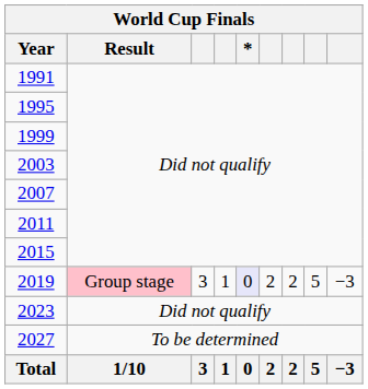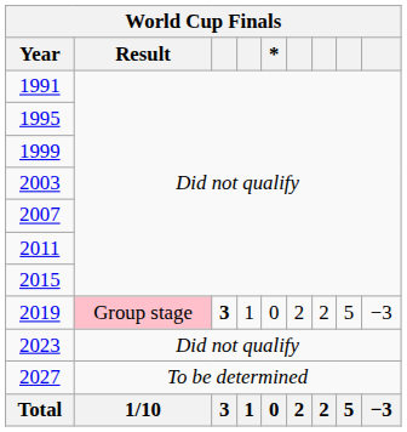 <table class="wikitable" style="text-align: center; width:50%;">
 <tr>
 <th colspan=10>World Cup Finals</th>
 </tr>
 <tr>
 <th>Year</th>
 <th>Result</th>
 <th></th>
 <th></th>
 <th>*</th>
 <th></th>
 <th></th>
 <th></th>
 <th></th>
 </tr>
 <tr>
 <td> <a href='#'>1991</a></td>
 <td rowspan=7 colspan=8><em>Did not qualify</em></td>
 </tr>
 <tr>
 <td> <a href='#'>1995</a></td>
 </tr>
 <tr>
 <td> <a href='#'>1999</a></td>
 </tr>
 <tr>
 <td> <a href='#'>2003</a></td>
 </tr>
 <tr>
 <td> <a href='#'>2007</a></td>
 </tr>
 <tr>
 <td> <a href='#'>2011</a></td>
 </tr>
 <tr>
 <td> <a href='#'>2015</a></td>
 </tr>
 <tr>
 <td> <a href='#'>2019</a></td>
 <td style="background: pink;">Group stage</td>
-<td>3</td>
+<td><strong>3</strong></td>
 <td>1</td>
-<td style="background: lavender;">0</td>
+<td>0</td>
 <td>2</td>
 <td>2</td>
 <td>5</td>
 <td>−3</td>
 </tr>
 <tr>
 <td>  <a href='#'>2023</a></td>
 <td colspan=8><em>Did not qualify</em></td>
 </tr>
 <tr>
 <td> <a href='#'>2027</a></td>
 <td colspan=8><em>To be determined</em></td>
 </tr>
 <tr>
 <th><strong>Total</strong></th>
 <th>1/10</th>
 <th>3</th>
 <th>1</th>
 <th>0</th>
 <th>2</th>
 <th>2</th>
 <th>5</th>
 <th>−3</th>
 </tr>
 </table>
